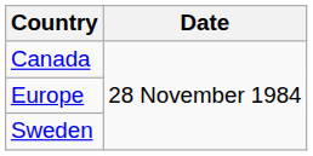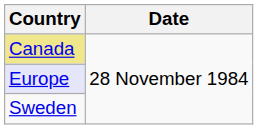 <table class="wikitable">
 <tr>
 <th>Country</th>
 <th>Date</th>
 </tr>
 <tr>
-<td><a href='#'>Canada</a></td>
+<td style="background: khaki;"><a href='#'>Canada</a></td>
 <td rowspan="3">28 November 1984</td>
 </tr>
 <tr>
-<td><a href='#'>Europe</a></td>
+<td style="background: lavender;"><a href='#'>Europe</a></td>
 </tr>
 <tr>
 <td><a href='#'>Sweden</a></td>
 </tr>
 </table>
